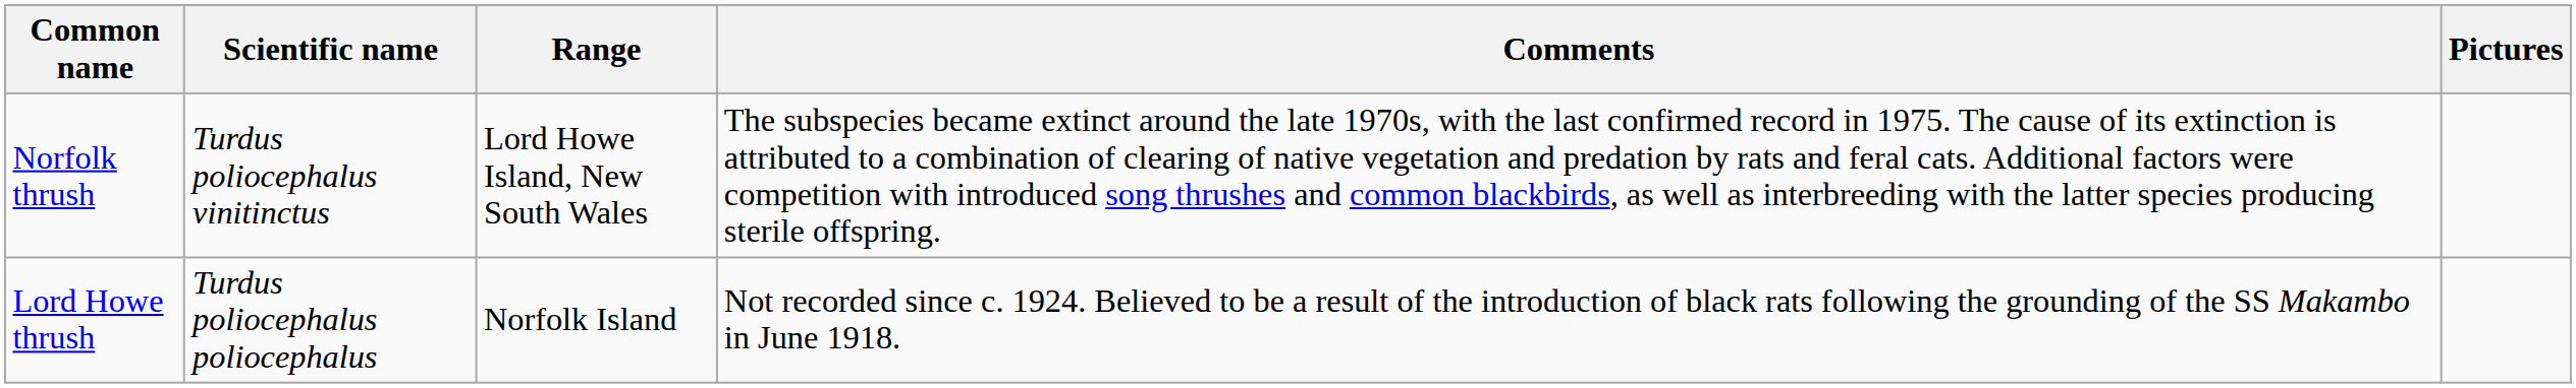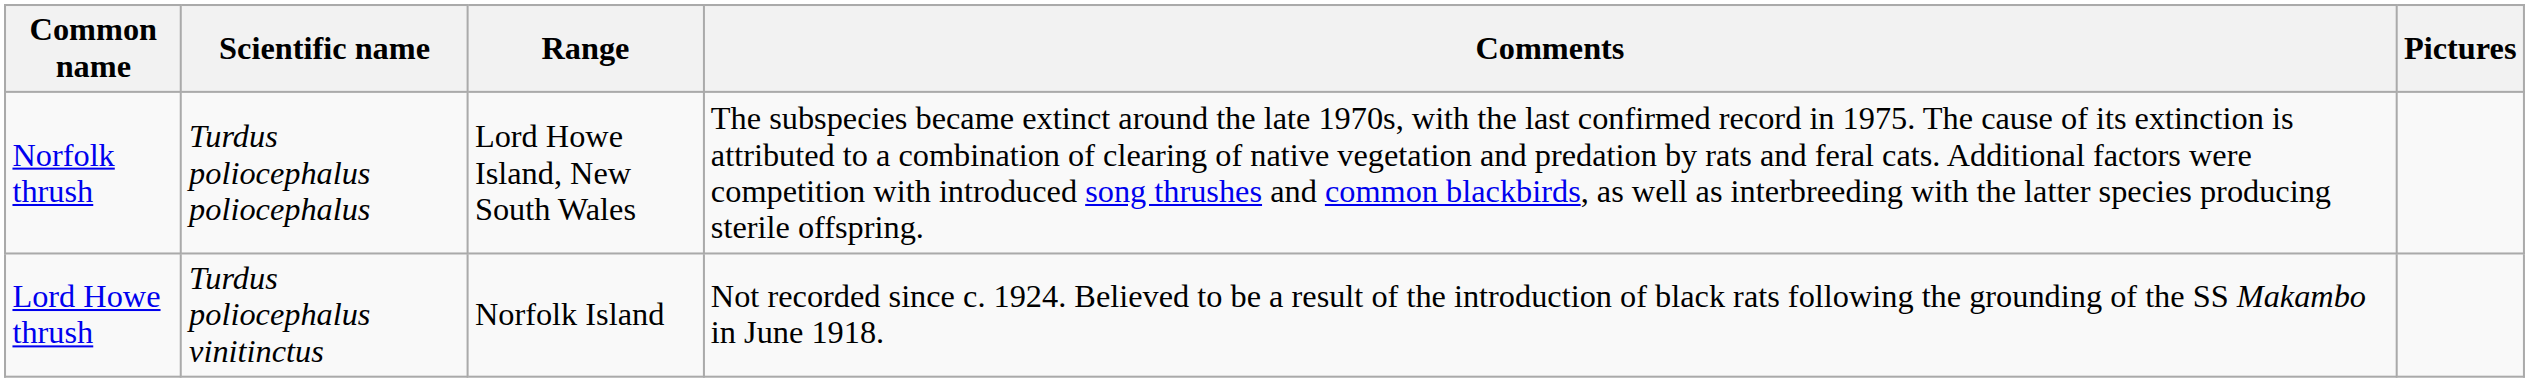 <table class="wikitable">
 <tr>
 <th>Common name</th>
 <th>Scientific name</th>
 <th>Range</th>
 <th class="unsortable">Comments</th>
 <th class="unsortable">Pictures</th>
 </tr>
 <tr>
 <td><a href='#'>Norfolk thrush</a></td>
-<td><em>Turdus poliocephalus vinitinctus</em></td>
+<td><em>Turdus poliocephalus poliocephalus</em></td>
 <td>Lord Howe Island, New South Wales</td>
 <td>The subspecies became extinct around the late 1970s, with the last confirmed record in 1975. The cause of its extinction is attributed to a combination of clearing of native vegetation and predation by rats and feral cats. Additional factors were competition with introduced <a href='#'>song thrushes</a> and <a href='#'>common blackbirds</a>, as well as interbreeding with the latter species producing sterile offspring.</td>
 <td></td>
 </tr>
 <tr>
 <td><a href='#'>Lord Howe thrush</a></td>
-<td><em>Turdus poliocephalus poliocephalus</em></td>
+<td><em>Turdus poliocephalus vinitinctus</em></td>
 <td>Norfolk Island</td>
 <td>Not recorded since c. 1924. Believed to be a result of the introduction of black rats following the grounding of the SS <em>Makambo</em> in June 1918.</td>
 <td></td>
 </tr>
 </table>
